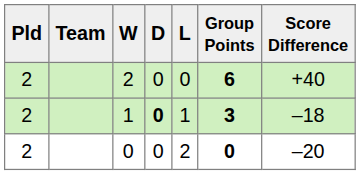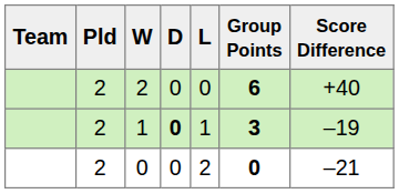 <table style=border-collapse:collapse border=1 cellspacing=0 cellpadding=5>
 <tr align=center bgcolor=#efefef>
+<th>Team</th>
 <th>Pld</th>
-<th>Team</th>
 <th>W</th>
 <th>D</th>
 <th>L</th>
 <th><small>Group<br>Points</small></th>
 <th><small>Score<br>Difference</small></th>
 </tr>
 <tr align=center style="background:#D0F0C0;">
+<td style="text-align:left;"> </td>
 <td>2</td>
-<td style="text-align:left;"> </td>
 <td>2</td>
 <td>0</td>
 <td>0</td>
 <td><strong>6</strong></td>
 <td>+40</td>
 </tr>
 <tr align=center style="background:#D0F0C0;">
+<td style="text-align:left;"> </td>
 <td>2</td>
-<td style="text-align:left;"> </td>
 <td>1</td>
 <td><strong>0</strong></td>
 <td>1</td>
 <td><strong>3</strong></td>
-<td>–18</td>
+<td>–19</td>
 </tr>
 <tr align=center style="background:#FFFFFF;">
+<td style="text-align:left;"> </td>
 <td>2</td>
-<td style="text-align:left;"> </td>
 <td>0</td>
 <td>0</td>
 <td>2</td>
 <td><strong>0</strong></td>
-<td>–20</td>
+<td>–21</td>
 </tr>
 </table>
